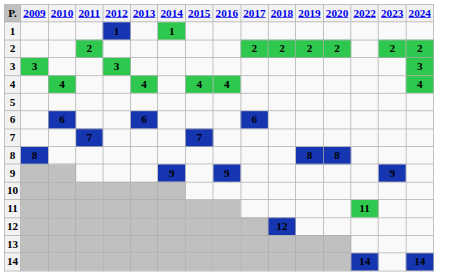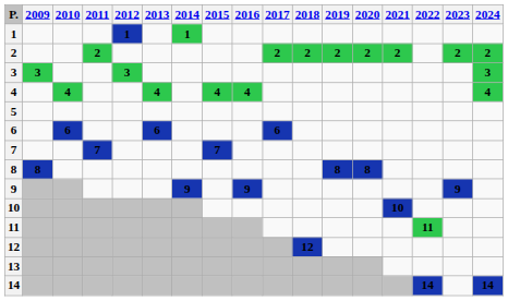 <table class="wikitable nowrap" style="text-align: center; font-size:100%">
 <tr>
 <th style="background:#c0c0c0">P.</th>
 <th><a href='#'>2009</a></th>
 <th><a href='#'>2010</a></th>
 <th><a href='#'>2011</a></th>
 <th><a href='#'>2012</a></th>
 <th><a href='#'>2013</a></th>
 <th><a href='#'>2014</a></th>
 <th><a href='#'>2015</a></th>
 <th><a href='#'>2016</a></th>
 <th><a href='#'>2017</a></th>
 <th><a href='#'>2018</a></th>
 <th><a href='#'>2019</a></th>
 <th><a href='#'>2020</a></th>
+<th><a href='#'>2021</a></th>
 <th><a href='#'>2022</a></th>
 <th><a href='#'>2023</a></th>
 <th><a href='#'>2024</a></th>
 </tr>
 <tr>
 <th>1</th>
 <td></td>
 <td></td>
 <td></td>
 <td style="background-color:#1635B0"><span><strong>1</strong></span></td>
 <td></td>
 <td style="background-color:#2dc84d"><span><strong>1</strong></span></td>
+<td></td>
 <td></td>
 <td></td>
 <td></td>
 <td></td>
 <td></td>
 <td></td>
 <td></td>
 <td></td>
 <td></td>
 </tr>
 <tr>
 <th>2</th>
 <td></td>
 <td></td>
 <td style="background-color:#2dc84d"><span><strong>2</strong></span></td>
 <td></td>
 <td></td>
 <td></td>
 <td></td>
 <td></td>
 <td style="background-color:#2dc84d"><span><strong>2</strong></span></td>
 <td style="background-color:#2dc84d"><span><strong>2</strong></span></td>
 <td style="background-color:#2dc84d"><span><strong>2</strong></span></td>
 <td style="background-color:#2dc84d"><span><strong>2</strong></span></td>
+<td style="background-color:#2dc84d"><span><strong>2</strong></span></td>
 <td></td>
 <td style="background-color:#2dc84d"><span><strong>2</strong></span></td>
 <td style="background-color:#2dc84d"><span><strong>2</strong></span></td>
 </tr>
 <tr>
 <th>3</th>
 <td style="background-color:#2dc84d"><span><strong>3</strong></span></td>
 <td></td>
 <td></td>
 <td style="background-color:#2dc84d"><span><strong>3</strong></span></td>
+<td></td>
 <td></td>
 <td></td>
 <td></td>
 <td></td>
 <td></td>
 <td></td>
 <td></td>
 <td></td>
 <td></td>
 <td></td>
 <td style="background-color:#2dc84d"><span><strong>3</strong></span></td>
 </tr>
 <tr>
 <th>4</th>
 <td></td>
 <td style="background-color:#2dc84d"><span><strong>4</strong></span></td>
 <td></td>
 <td></td>
 <td style="background-color:#2dc84d"><span><strong>4</strong></span></td>
 <td></td>
 <td style="background-color:#2dc84d"><span><strong>4</strong></span></td>
 <td style="background-color:#2dc84d"><span><strong>4</strong></span></td>
 <td></td>
 <td></td>
 <td></td>
 <td></td>
 <td></td>
 <td></td>
+<td></td>
 <td style="background-color:#2dc84d"><span><strong>4</strong></span></td>
 </tr>
 <tr>
 <th>5</th>
+<td></td>
 <td></td>
 <td></td>
 <td></td>
 <td></td>
 <td></td>
 <td></td>
 <td></td>
 <td></td>
 <td></td>
 <td></td>
 <td></td>
 <td></td>
 <td></td>
 <td></td>
 <td></td>
 </tr>
 <tr>
 <th>6</th>
 <td></td>
 <td style="background-color:#1635B0"><span><strong>6</strong></span></td>
 <td></td>
 <td></td>
 <td style="background-color:#1635B0"><span><strong>6</strong></span></td>
 <td></td>
 <td></td>
 <td></td>
 <td style="background-color:#1635B0"><span><strong>6</strong></span></td>
 <td></td>
 <td></td>
 <td></td>
 <td></td>
 <td></td>
 <td></td>
+<td></td>
 </tr>
 <tr>
 <th>7</th>
 <td></td>
 <td></td>
 <td style="background-color:#1635B0"><span><strong>7</strong></span></td>
 <td></td>
 <td></td>
 <td></td>
 <td style="background-color:#1635B0"><span><strong>7</strong></span></td>
+<td></td>
 <td></td>
 <td></td>
 <td></td>
 <td></td>
 <td></td>
 <td></td>
 <td></td>
 <td></td>
 </tr>
 <tr>
 <th>8</th>
 <td style="background-color:#1635B0"><span><strong>8</strong></span></td>
 <td></td>
 <td></td>
 <td></td>
 <td></td>
 <td></td>
 <td></td>
 <td></td>
 <td></td>
 <td></td>
 <td style="background-color:#1635B0"><span><strong>8</strong></span></td>
 <td style="background-color:#1635B0"><span><strong>8</strong></span></td>
 <td></td>
 <td></td>
 <td></td>
+<td></td>
 </tr>
 <tr>
 <th>9</th>
 <td style="background:#c0c0c0"></td>
 <td style="background:#c0c0c0"></td>
 <td></td>
 <td></td>
 <td></td>
 <td style="background-color:#1635B0"><span><strong>9</strong></span></td>
 <td></td>
 <td style="background-color:#1635B0"><span><strong>9</strong></span></td>
+<td></td>
 <td></td>
 <td></td>
 <td></td>
 <td></td>
 <td></td>
 <td style="background-color:#1635B0"><span><strong>9</strong></span></td>
 <td></td>
 </tr>
 <tr>
 <th>10</th>
 <td style="background:#c0c0c0"></td>
 <td style="background:#c0c0c0"></td>
 <td style="background:#c0c0c0"></td>
 <td style="background:#c0c0c0"></td>
 <td style="background:#c0c0c0"></td>
 <td style="background:#c0c0c0"></td>
 <td></td>
 <td></td>
 <td></td>
 <td></td>
 <td></td>
 <td></td>
+<td style="background-color:#1635B0"><span><strong>10</strong></span></td>
 <td></td>
 <td></td>
 <td></td>
 </tr>
 <tr>
 <th>11</th>
 <td style="background:#c0c0c0"></td>
 <td style="background:#c0c0c0"></td>
 <td style="background:#c0c0c0"></td>
 <td style="background:#c0c0c0"></td>
 <td style="background:#c0c0c0"></td>
 <td style="background:#c0c0c0"></td>
 <td style="background:#c0c0c0"></td>
 <td style="background:#c0c0c0"></td>
+<td></td>
 <td></td>
 <td></td>
 <td></td>
 <td></td>
 <td style="background-color:#2dc84d"><span><strong>11</strong></span></td>
 <td></td>
 <td></td>
 </tr>
 <tr>
 <th>12</th>
 <td style="background:#c0c0c0"></td>
 <td style="background:#c0c0c0"></td>
 <td style="background:#c0c0c0"></td>
 <td style="background:#c0c0c0"></td>
 <td style="background:#c0c0c0"></td>
 <td style="background:#c0c0c0"></td>
 <td style="background:#c0c0c0"></td>
 <td style="background:#c0c0c0"></td>
 <td style="background:#c0c0c0"></td>
 <td style="background-color:#1635B0"><span><strong>12</strong></span></td>
 <td></td>
 <td></td>
 <td></td>
 <td></td>
 <td></td>
+<td></td>
 </tr>
 <tr>
 <th>13</th>
 <td style="background:#c0c0c0"></td>
 <td style="background:#c0c0c0"></td>
 <td style="background:#c0c0c0"></td>
 <td style="background:#c0c0c0"></td>
 <td style="background:#c0c0c0"></td>
 <td style="background:#c0c0c0"></td>
 <td style="background:#c0c0c0"></td>
 <td style="background:#c0c0c0"></td>
 <td style="background:#c0c0c0"></td>
 <td style="background:#c0c0c0"></td>
 <td style="background:#c0c0c0"></td>
 <td style="background:#c0c0c0"></td>
 <td></td>
 <td></td>
 <td></td>
+<td></td>
 </tr>
 <tr>
 <th>14</th>
+<td style="background:#c0c0c0"></td>
 <td style="background:#c0c0c0"></td>
 <td style="background:#c0c0c0"></td>
 <td style="background:#c0c0c0"></td>
 <td style="background:#c0c0c0"></td>
 <td style="background:#c0c0c0"></td>
 <td style="background:#c0c0c0"></td>
 <td style="background:#c0c0c0"></td>
 <td style="background:#c0c0c0"></td>
 <td style="background:#c0c0c0"></td>
 <td style="background:#c0c0c0"></td>
 <td style="background:#c0c0c0"></td>
 <td style="background:#c0c0c0"></td>
 <td style="background-color:#1635B0"><span><strong>14</strong></span></td>
 <td></td>
 <td style="background-color:#1635B0"><span><strong>14</strong></span></td>
 </tr>
 </table>
